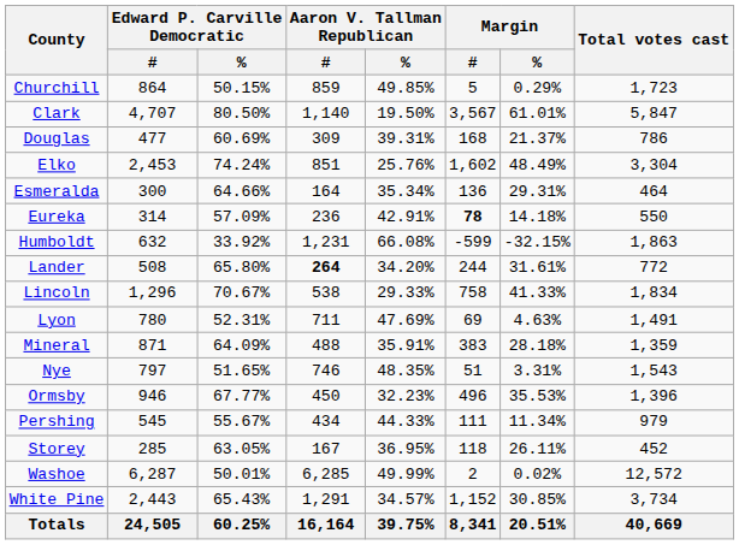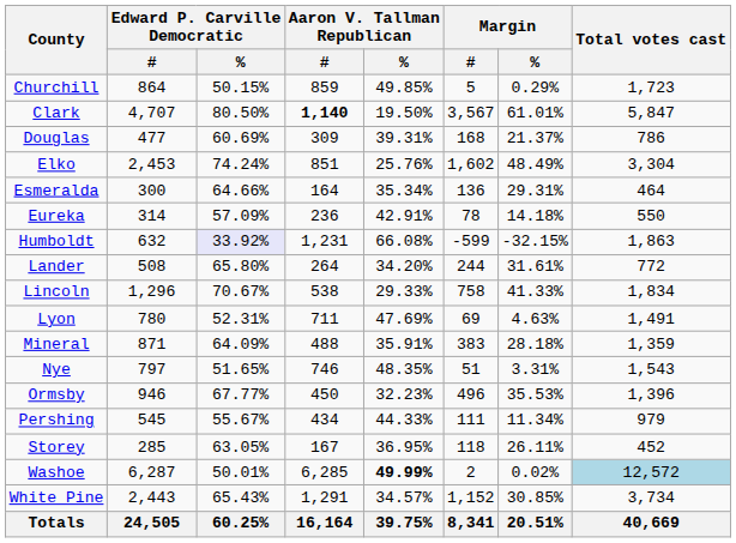 <table class="wikitable sortable" style="text-align:center">
 <tr>
 <th rowspan="2">County</th>
 <th style="text-align:center;" colspan="2">Edward P. Carville<br>Democratic</th>
 <th style="text-align:center;" colspan="2">Aaron V. Tallman<br>Republican</th>
 <th style="text-align:center;" colspan="2">Margin</th>
 <th style="text-align:center;" rowspan="2">Total votes cast</th>
 </tr>
 <tr>
 <th style="text-align:center;" data-sort-type="number">#</th>
 <th style="text-align:center;" data-sort-type="number">%</th>
 <th style="text-align:center;" data-sort-type="number">#</th>
 <th style="text-align:center;" data-sort-type="number">%</th>
 <th style="text-align:center;" data-sort-type="number">#</th>
 <th style="text-align:center;" data-sort-type="number">%</th>
 </tr>
 <tr style="text-align:center;">
 <td><a href='#'>Churchill</a></td>
 <td>864</td>
 <td>50.15%</td>
 <td>859</td>
 <td>49.85%</td>
 <td>5</td>
 <td>0.29%</td>
 <td>1,723</td>
 </tr>
 <tr style="text-align:center;">
 <td><a href='#'>Clark</a></td>
 <td>4,707</td>
 <td>80.50%</td>
-<td>1,140</td>
+<td><strong>1,140</strong></td>
 <td>19.50%</td>
 <td>3,567</td>
 <td>61.01%</td>
 <td>5,847</td>
 </tr>
 <tr style="text-align:center;">
 <td><a href='#'>Douglas</a></td>
 <td>477</td>
 <td>60.69%</td>
 <td>309</td>
 <td>39.31%</td>
 <td>168</td>
 <td>21.37%</td>
 <td>786</td>
 </tr>
 <tr style="text-align:center;">
 <td><a href='#'>Elko</a></td>
 <td>2,453</td>
 <td>74.24%</td>
 <td>851</td>
 <td>25.76%</td>
 <td>1,602</td>
 <td>48.49%</td>
 <td>3,304</td>
 </tr>
 <tr style="text-align:center;">
 <td><a href='#'>Esmeralda</a></td>
 <td>300</td>
 <td>64.66%</td>
 <td>164</td>
 <td>35.34%</td>
 <td>136</td>
 <td>29.31%</td>
 <td>464</td>
 </tr>
 <tr style="text-align:center;">
 <td><a href='#'>Eureka</a></td>
 <td>314</td>
 <td>57.09%</td>
 <td>236</td>
 <td>42.91%</td>
-<td><strong>78</strong></td>
+<td>78</td>
 <td>14.18%</td>
 <td>550</td>
 </tr>
 <tr style="text-align:center;">
 <td><a href='#'>Humboldt</a></td>
 <td>632</td>
-<td>33.92%</td>
+<td style="background: lavender;">33.92%</td>
 <td>1,231</td>
 <td>66.08%</td>
 <td>-599</td>
 <td>-32.15%</td>
 <td>1,863</td>
 </tr>
 <tr style="text-align:center;">
 <td><a href='#'>Lander</a></td>
 <td>508</td>
 <td>65.80%</td>
-<td><strong>264</strong></td>
+<td>264</td>
 <td>34.20%</td>
 <td>244</td>
 <td>31.61%</td>
 <td>772</td>
 </tr>
 <tr style="text-align:center;">
 <td><a href='#'>Lincoln</a></td>
 <td>1,296</td>
 <td>70.67%</td>
 <td>538</td>
 <td>29.33%</td>
 <td>758</td>
 <td>41.33%</td>
 <td>1,834</td>
 </tr>
 <tr style="text-align:center;">
 <td><a href='#'>Lyon</a></td>
 <td>780</td>
 <td>52.31%</td>
 <td>711</td>
 <td>47.69%</td>
 <td>69</td>
 <td>4.63%</td>
 <td>1,491</td>
 </tr>
 <tr style="text-align:center;">
 <td><a href='#'>Mineral</a></td>
 <td>871</td>
 <td>64.09%</td>
 <td>488</td>
 <td>35.91%</td>
 <td>383</td>
 <td>28.18%</td>
 <td>1,359</td>
 </tr>
 <tr style="text-align:center;">
 <td><a href='#'>Nye</a></td>
 <td>797</td>
 <td>51.65%</td>
 <td>746</td>
 <td>48.35%</td>
 <td>51</td>
 <td>3.31%</td>
 <td>1,543</td>
 </tr>
 <tr style="text-align:center;">
 <td><a href='#'>Ormsby</a></td>
 <td>946</td>
 <td>67.77%</td>
 <td>450</td>
 <td>32.23%</td>
 <td>496</td>
 <td>35.53%</td>
 <td>1,396</td>
 </tr>
 <tr style="text-align:center;">
 <td><a href='#'>Pershing</a></td>
 <td>545</td>
 <td>55.67%</td>
 <td>434</td>
 <td>44.33%</td>
 <td>111</td>
 <td>11.34%</td>
 <td>979</td>
 </tr>
 <tr style="text-align:center;">
 <td><a href='#'>Storey</a></td>
 <td>285</td>
 <td>63.05%</td>
 <td>167</td>
 <td>36.95%</td>
 <td>118</td>
 <td>26.11%</td>
 <td>452</td>
 </tr>
 <tr style="text-align:center;">
 <td><a href='#'>Washoe</a></td>
 <td>6,287</td>
 <td>50.01%</td>
 <td>6,285</td>
-<td>49.99%</td>
+<td><strong>49.99%</strong></td>
 <td>2</td>
 <td>0.02%</td>
-<td>12,572</td>
+<td style="background: lightblue;">12,572</td>
 </tr>
 <tr style="text-align:center;">
 <td><a href='#'>White Pine</a></td>
 <td>2,443</td>
 <td>65.43%</td>
 <td>1,291</td>
 <td>34.57%</td>
 <td>1,152</td>
 <td>30.85%</td>
 <td>3,734</td>
 </tr>
 <tr style="text-align:center;">
 <th>Totals</th>
 <th>24,505</th>
 <th>60.25%</th>
 <th>16,164</th>
 <th>39.75%</th>
 <th>8,341</th>
 <th>20.51%</th>
 <th>40,669</th>
 </tr>
 </table>
